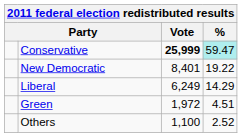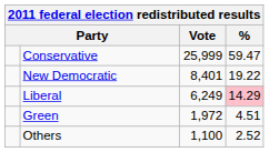 <table class="wikitable">
 <tr>
 <th colspan="4"><a href='#'>2011 federal election</a> redistributed results</th>
 </tr>
 <tr>
 <th bgcolor="#DDDDFF" width="130px" colspan="2">Party</th>
 <th bgcolor="#DDDDFF" width="50px">Vote</th>
 <th bgcolor="#DDDDFF" width="30px">%</th>
 </tr>
 <tr>
 <td> </td>
 <td><a href='#'>Conservative</a></td>
-<td align=right><strong>25,999</strong></td>
-<td align=right style="background: paleturquoise;">59.47</td>
+<td align=right>25,999</td>
+<td align=right>59.47</td>
 </tr>
 <tr>
 <td> </td>
 <td><a href='#'>New Democratic</a></td>
 <td align=right>8,401</td>
 <td align=right>19.22</td>
 </tr>
 <tr>
 <td> </td>
 <td><a href='#'>Liberal</a></td>
 <td align=right>6,249</td>
-<td align=right>14.29</td>
+<td align=right style="background: pink;">14.29</td>
 </tr>
 <tr>
 <td> </td>
 <td><a href='#'>Green</a></td>
 <td align=right>1,972</td>
 <td align=right>4.51</td>
 </tr>
 <tr>
 <td> </td>
 <td>Others</td>
 <td align=right>1,100</td>
 <td align=right>2.52</td>
 </tr>
 </table>
